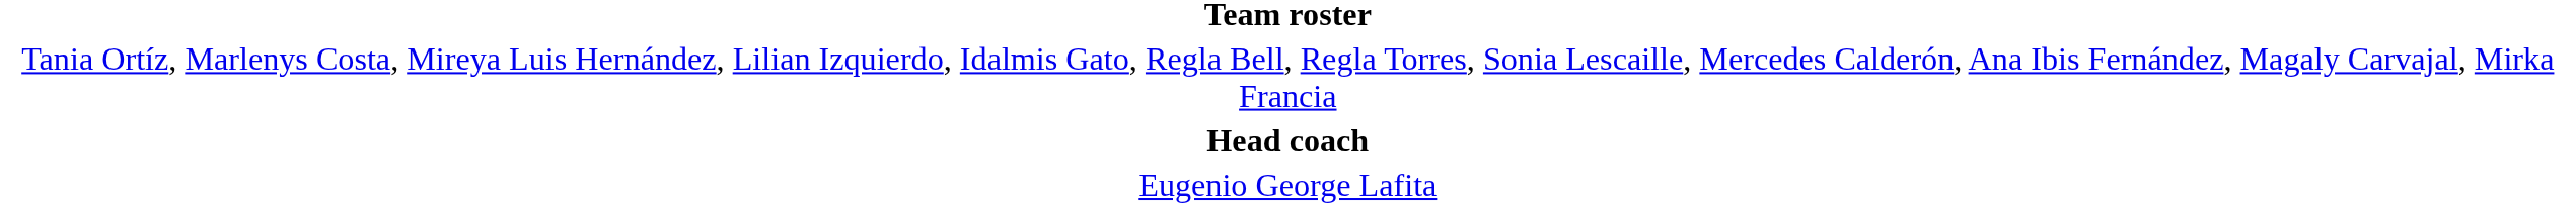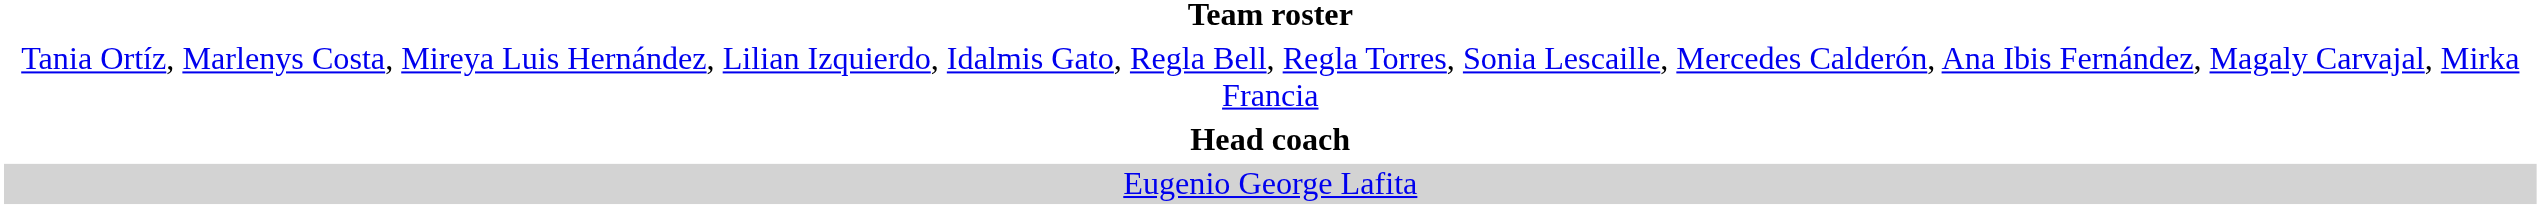 <table style="text-align: center; margin-top: 2em; margin-left: auto; margin-right: auto">
 <tr>
 <td><strong>Team roster</strong></td>
 </tr>
 <tr>
 <td><a href='#'>Tania Ortíz</a>, <a href='#'>Marlenys Costa</a>, <a href='#'>Mireya Luis Hernández</a>, <a href='#'>Lilian Izquierdo</a>, <a href='#'>Idalmis Gato</a>, <a href='#'>Regla Bell</a>, <a href='#'>Regla Torres</a>, <a href='#'>Sonia Lescaille</a>, <a href='#'>Mercedes Calderón</a>, <a href='#'>Ana Ibis Fernández</a>, <a href='#'>Magaly Carvajal</a>, <a href='#'>Mirka Francia</a></td>
 </tr>
 <tr>
 <td><strong>Head coach</strong></td>
 </tr>
 <tr>
-<td><a href='#'>Eugenio George Lafita</a></td>
+<td style="background: lightgrey;"><a href='#'>Eugenio George Lafita</a></td>
 </tr>
 <tr>
 </tr>
 </table>
